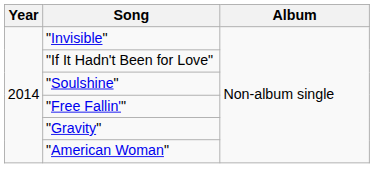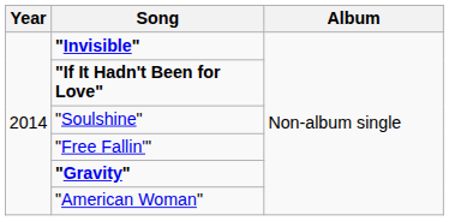 <table class="wikitable">
 <tr>
 <th>Year</th>
 <th style="width:12em;">Song</th>
 <th style="width:10em;">Album</th>
 </tr>
 <tr>
 <td rowspan="6">2014</td>
-<td>"<a href='#'>Invisible</a>"</td>
+<td><strong>"<a href='#'>Invisible</a>"</strong></td>
 <td rowspan="6">Non-album single</td>
 </tr>
 <tr>
-<td>"If It Hadn't Been for Love"</td>
+<td><strong>"If It Hadn't Been for Love"</strong></td>
 </tr>
 <tr>
 <td>"<a href='#'>Soulshine</a>"</td>
 </tr>
 <tr>
 <td>"<a href='#'>Free Fallin'</a>"</td>
 </tr>
 <tr>
-<td>"<a href='#'>Gravity</a>"</td>
+<td><strong>"<a href='#'>Gravity</a>"</strong></td>
 </tr>
 <tr>
 <td>"<a href='#'>American Woman</a>"</td>
 </tr>
 </table>
